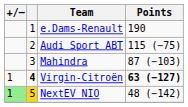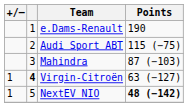 <table class="wikitable" style="font-size: 85%">
 <tr>
 <th scope="col">+/–</th>
 <th scope="col"></th>
 <th scope="col">Team</th>
 <th scope="col">Points</th>
 </tr>
 <tr>
 <td align="left"></td>
 <td align="center">1</td>
 <td> <a href='#'>e.Dams-Renault</a></td>
 <td align="left">190</td>
 </tr>
 <tr>
 <td align="left"></td>
 <td align="center">2</td>
 <td> <a href='#'>Audi Sport ABT</a></td>
 <td align="left">115 (−75)</td>
 </tr>
 <tr>
 <td align="left"></td>
 <td align="center">3</td>
 <td> <a href='#'>Mahindra</a></td>
 <td align="left">87 (−103)</td>
 </tr>
 <tr>
 <td align="left"> 1</td>
 <td align="center"><strong>4</strong></td>
 <td> <a href='#'>Virgin-Citroën</a></td>
-<td align="left"><strong>63 (−127)</strong></td>
+<td align="left">63 (−127)</td>
 </tr>
 <tr>
-<td align="left" style="background: lightgreen;"> 1</td>
-<td align="center" style="background: gold;">5</td>
+<td align="left"> 1</td>
+<td align="center">5</td>
 <td> <a href='#'>NextEV NIO</a></td>
-<td align="left">48 (−142)</td>
+<td align="left"><strong>48 (−142)</strong></td>
 </tr>
 <tr>
 </tr>
 </table>
